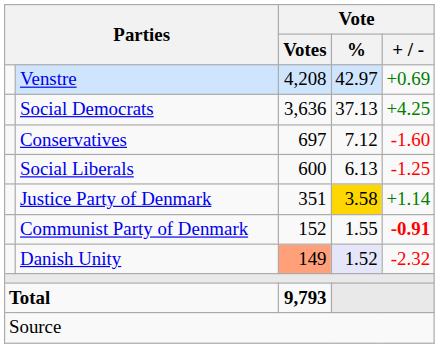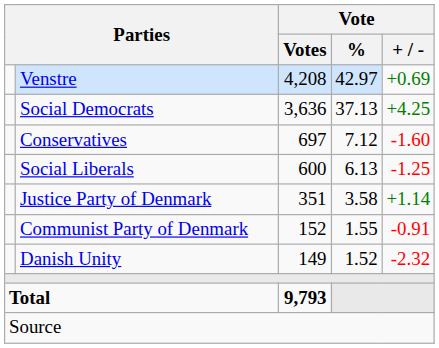 <table class="wikitable" style="text-align:right;">
 <tr>
 <th style="text-align:centre;" rowspan="2" colspan="2" width="225">Parties</th>
 <th colspan="3">Vote</th>
 </tr>
 <tr>
 <th width="15">Votes</th>
 <th width="15">%</th>
 <th width="15">+ / -</th>
 </tr>
 <tr>
 <td width="2" style="color:inherit;background:"></td>
 <td bgcolor=#cfe5fe  align="left"><a href='#'>Venstre</a></td>
 <td bgcolor=#cfe5fe>4,208</td>
 <td bgcolor=#cfe5fe>42.97</td>
 <td style=color:green;>+0.69</td>
 </tr>
 <tr>
 <td width="2" style="color:inherit;background:"></td>
 <td align="left"><a href='#'>Social Democrats</a></td>
 <td>3,636</td>
 <td>37.13</td>
 <td style=color:green;>+4.25</td>
 </tr>
 <tr>
 <td width="2" style="color:inherit;background:"></td>
 <td align="left"><a href='#'>Conservatives</a></td>
 <td>697</td>
 <td>7.12</td>
 <td style=color:red;>-1.60</td>
 </tr>
 <tr>
 <td width="2" style="color:inherit;background:"></td>
 <td align="left"><a href='#'>Social Liberals</a></td>
 <td>600</td>
 <td>6.13</td>
 <td style=color:red;>-1.25</td>
 </tr>
 <tr>
 <td width="2" style="color:inherit;background:"></td>
 <td align="left"><a href='#'>Justice Party of Denmark</a></td>
 <td>351</td>
-<td style="background: gold;">3.58</td>
+<td>3.58</td>
 <td style=color:green;>+1.14</td>
 </tr>
 <tr>
 <td width="2" style="color:inherit;background:"></td>
 <td align="left"><a href='#'>Communist Party of Denmark</a></td>
 <td>152</td>
 <td>1.55</td>
-<td style=color:red;><strong>-0.91</strong></td>
+<td style=color:red;>-0.91</td>
 </tr>
 <tr>
 <td width="2" style="color:inherit;background:"></td>
 <td align="left"><a href='#'>Danish Unity</a></td>
-<td style="background: lightsalmon;">149</td>
-<td style="background: lavender;">1.52</td>
+<td>149</td>
+<td>1.52</td>
 <td style=color:red;>-2.32</td>
 </tr>
 <tr>
 <td colspan="7" bgcolor="#E9E9E9"></td>
 </tr>
 <tr>
 <td align="left" colspan="2"><strong>Total</strong></td>
 <td><strong>9,793</strong></td>
 <td bgcolor="#E9E9E9" colspan="2"></td>
 </tr>
 <tr>
 <td align="left" colspan="6">Source</td>
 </tr>
 </table>
